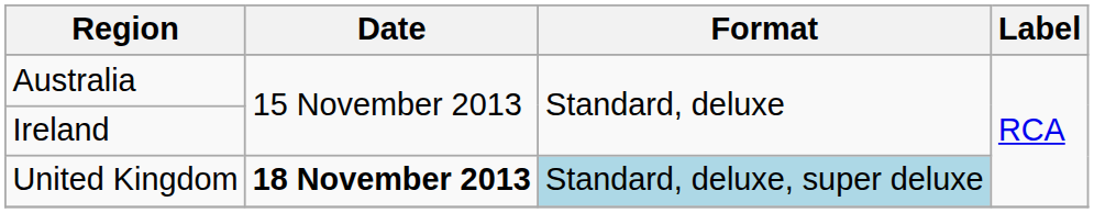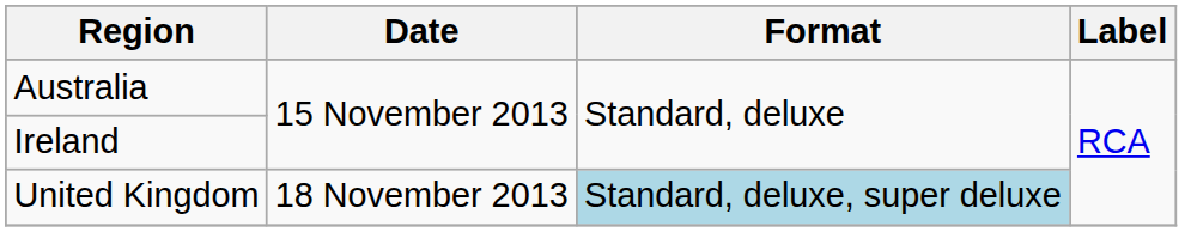 <table class=wikitable>
 <tr>
 <th>Region</th>
 <th>Date</th>
 <th>Format</th>
 <th>Label</th>
 </tr>
 <tr>
 <td>Australia</td>
 <td rowspan="2">15 November 2013</td>
 <td rowspan="2">Standard, deluxe</td>
 <td rowspan="3"><a href='#'>RCA</a></td>
 </tr>
 <tr>
 <td>Ireland</td>
 </tr>
 <tr>
 <td>United Kingdom</td>
-<td><strong>18 November 2013</strong></td>
+<td>18 November 2013</td>
 <td style="background: lightblue;">Standard, deluxe, super deluxe</td>
 </tr>
 <tr>
 </tr>
 </table>
